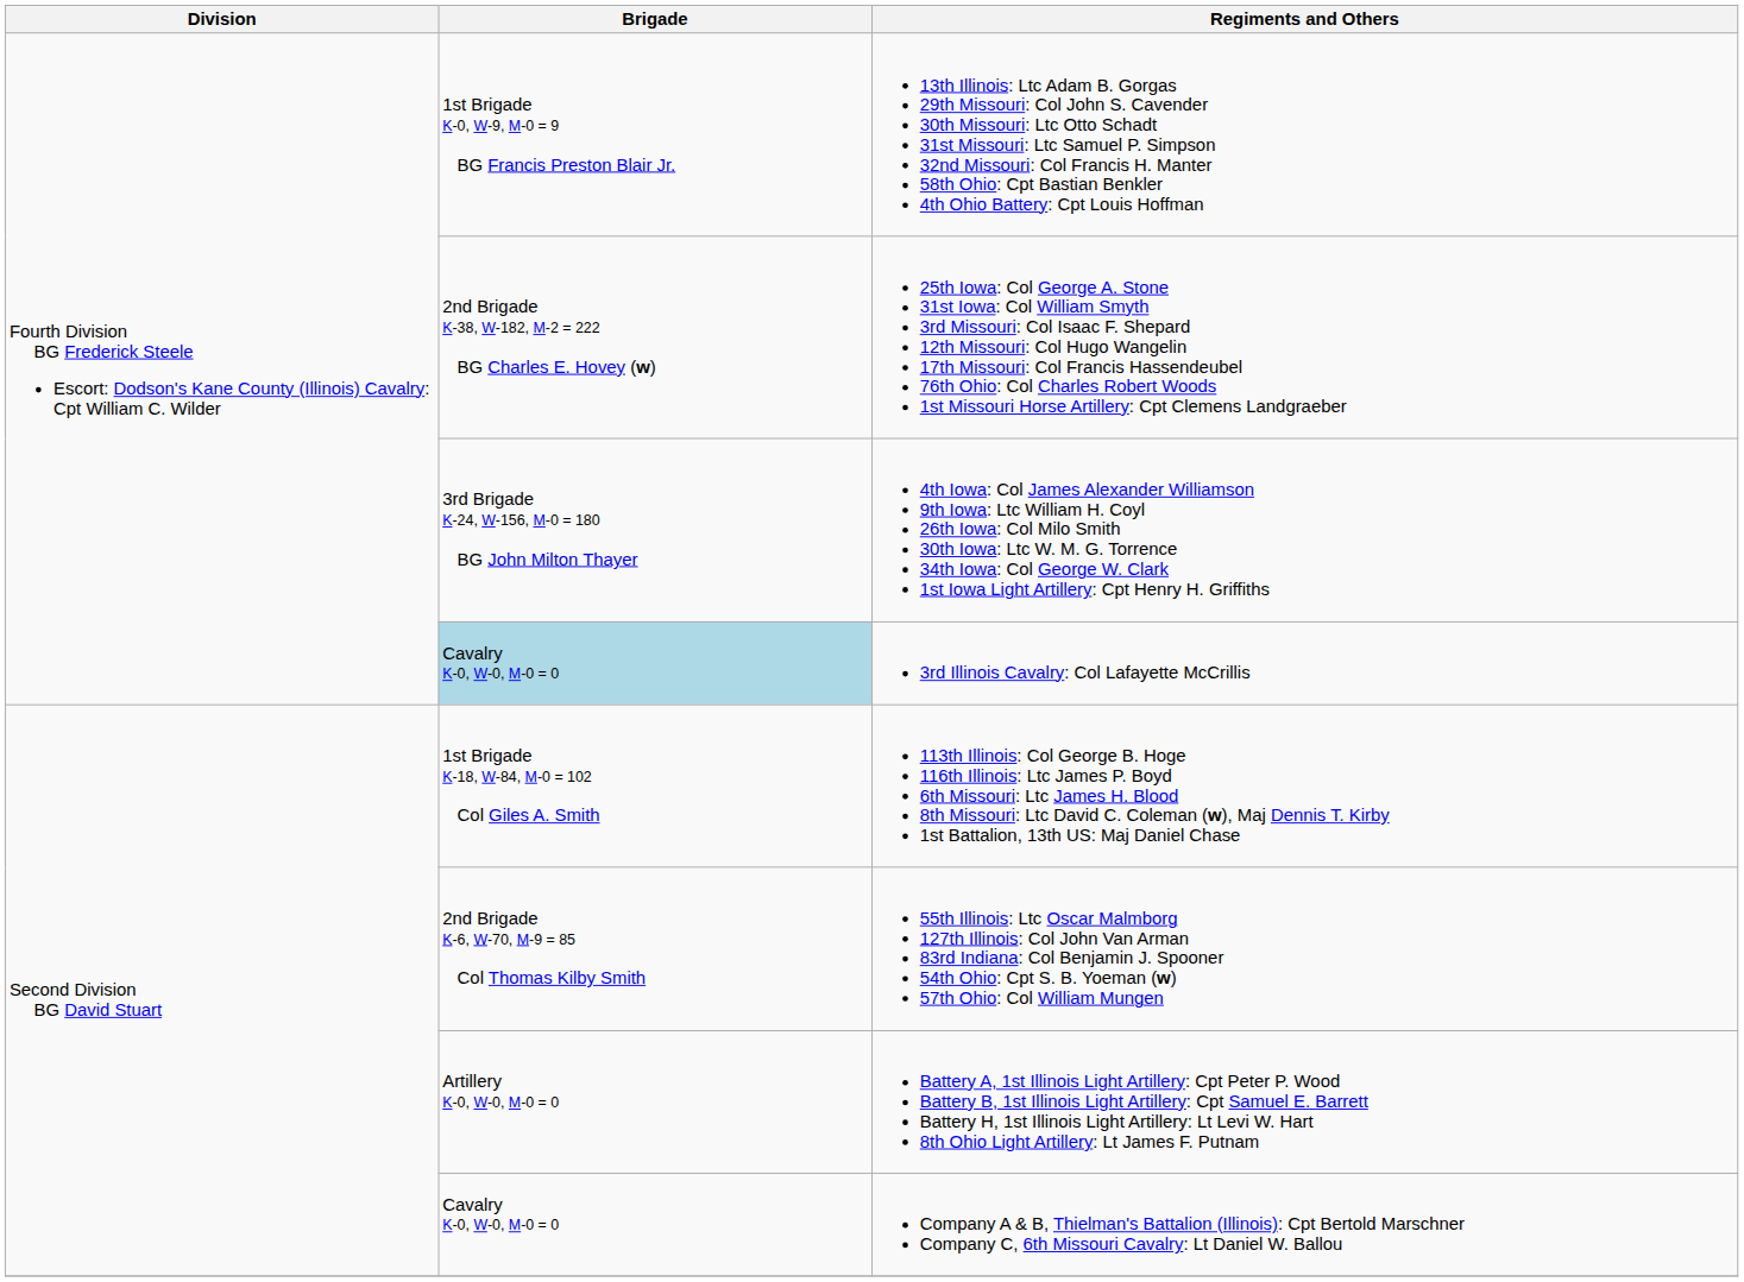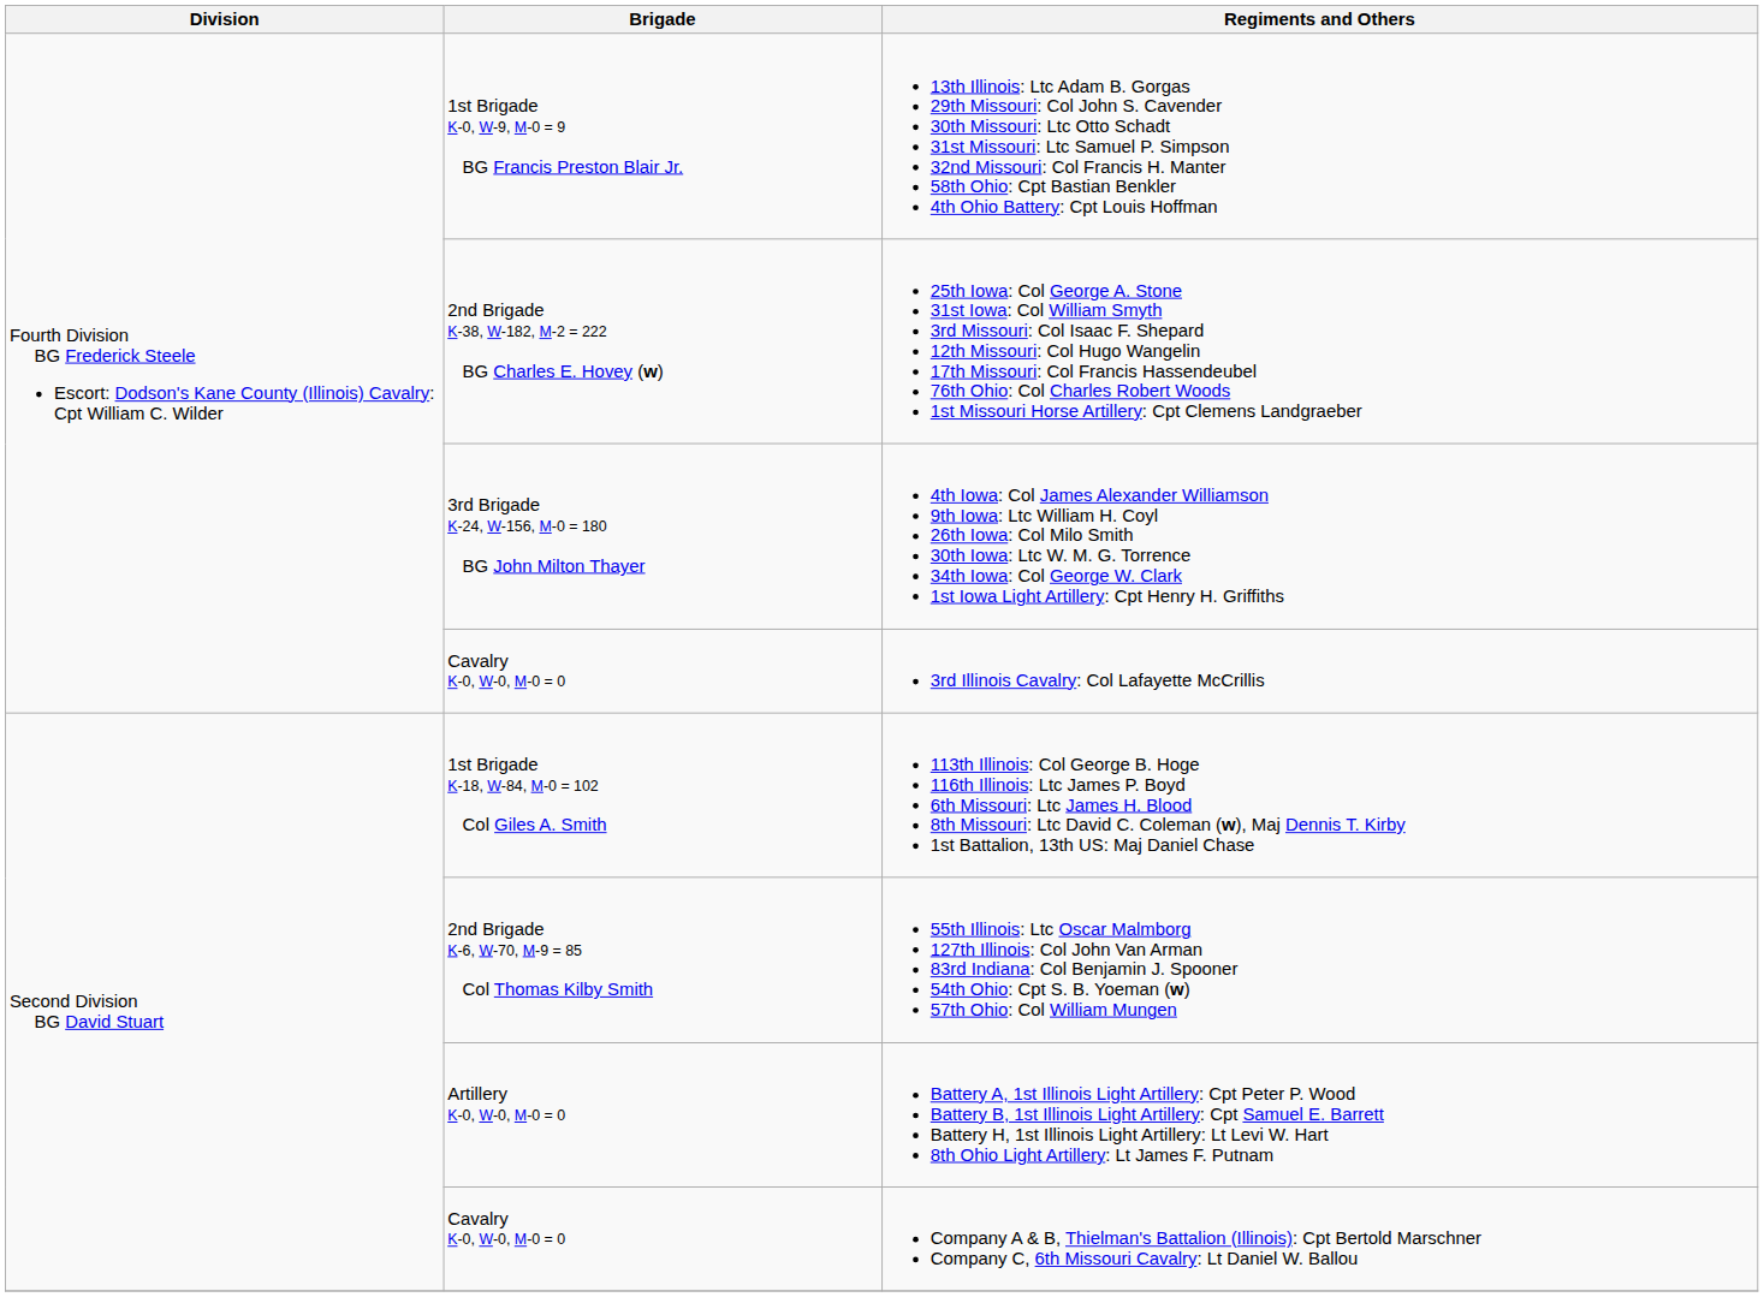 <table class="wikitable">
 <tr>
 <th width=25%>Division</th>
 <th width=25%>Brigade</th>
 <th>Regiments and Others</th>
 </tr>
 <tr>
 <td rowspan=4><br>Fourth Division <br>     BG <a href='#'>Frederick Steele</a><br><ul><li>Escort: <a href='#'>Dodson's Kane County (Illinois) Cavalry</a>: Cpt William C. Wilder</li></ul></td>
 <td>1st Brigade<br><small><a href='#'>K</a>-0, <a href='#'>W</a>-9, <a href='#'>M</a>-0 = 9</small><br><br>   BG <a href='#'>Francis Preston Blair Jr.</a></td>
 <td><br><ul><li><a href='#'>13th Illinois</a>: Ltc Adam B. Gorgas</li><li><a href='#'>29th Missouri</a>: Col John S. Cavender</li><li><a href='#'>30th Missouri</a>: Ltc Otto Schadt</li><li><a href='#'>31st Missouri</a>: Ltc Samuel P. Simpson</li><li><a href='#'>32nd Missouri</a>: Col Francis H. Manter</li><li><a href='#'>58th Ohio</a>: Cpt Bastian Benkler</li><li><a href='#'>4th Ohio Battery</a>: Cpt Louis Hoffman</li></ul></td>
 </tr>
 <tr>
 <td>2nd Brigade<br><small><a href='#'>K</a>-38, <a href='#'>W</a>-182, <a href='#'>M</a>-2 = 222</small><br><br>   BG <a href='#'>Charles E. Hovey</a> (<strong>w</strong>)</td>
 <td><br><ul><li><a href='#'>25th Iowa</a>: Col <a href='#'>George A. Stone</a></li><li><a href='#'>31st Iowa</a>: Col <a href='#'>William Smyth</a></li><li><a href='#'>3rd Missouri</a>: Col Isaac F. Shepard</li><li><a href='#'>12th Missouri</a>: Col Hugo Wangelin</li><li><a href='#'>17th Missouri</a>: Col Francis Hassendeubel</li><li><a href='#'>76th Ohio</a>: Col <a href='#'>Charles Robert Woods</a></li><li><a href='#'>1st Missouri Horse Artillery</a>: Cpt Clemens Landgraeber</li></ul></td>
 </tr>
 <tr>
 <td>3rd Brigade<br><small><a href='#'>K</a>-24, <a href='#'>W</a>-156, <a href='#'>M</a>-0 = 180</small><br><br>   BG <a href='#'>John Milton Thayer</a></td>
 <td><br><ul><li><a href='#'>4th Iowa</a>: Col <a href='#'>James Alexander Williamson</a></li><li><a href='#'>9th Iowa</a>: Ltc William H. Coyl</li><li><a href='#'>26th Iowa</a>: Col Milo Smith</li><li><a href='#'>30th Iowa</a>: Ltc W. M. G. Torrence</li><li><a href='#'>34th Iowa</a>: Col <a href='#'>George W. Clark</a></li><li><a href='#'>1st Iowa Light Artillery</a>: Cpt Henry H. Griffiths</li></ul></td>
 </tr>
 <tr>
-<td style="background: lightblue;">Cavalry<br><small><a href='#'>K</a>-0, <a href='#'>W</a>-0, <a href='#'>M</a>-0 = 0</small></td>
+<td>Cavalry<br><small><a href='#'>K</a>-0, <a href='#'>W</a>-0, <a href='#'>M</a>-0 = 0</small></td>
 <td><br><ul><li><a href='#'>3rd Illinois Cavalry</a>: Col Lafayette McCrillis</li></ul></td>
 </tr>
 <tr>
 <td rowspan=4><br>Second Division <br>     BG <a href='#'>David Stuart</a></td>
 <td>1st Brigade<br><small><a href='#'>K</a>-18, <a href='#'>W</a>-84, <a href='#'>M</a>-0 = 102</small><br><br>   Col <a href='#'>Giles A. Smith</a></td>
 <td><br><ul><li><a href='#'>113th Illinois</a>: Col George B. Hoge</li><li><a href='#'>116th Illinois</a>: Ltc James P. Boyd</li><li><a href='#'>6th Missouri</a>: Ltc <a href='#'>James H. Blood</a></li><li><a href='#'>8th Missouri</a>: Ltc David C. Coleman (<strong>w</strong>), Maj <a href='#'>Dennis T. Kirby</a></li><li>1st Battalion, 13th US: Maj Daniel Chase</li></ul></td>
 </tr>
 <tr>
 <td>2nd Brigade<br><small><a href='#'>K</a>-6, <a href='#'>W</a>-70, <a href='#'>M</a>-9 = 85</small><br><br>   Col <a href='#'>Thomas Kilby Smith</a></td>
 <td><br><ul><li><a href='#'>55th Illinois</a>: Ltc <a href='#'>Oscar Malmborg</a></li><li><a href='#'>127th Illinois</a>: Col John Van Arman</li><li><a href='#'>83rd Indiana</a>: Col Benjamin J. Spooner</li><li><a href='#'>54th Ohio</a>: Cpt S. B. Yoeman (<strong>w</strong>)</li><li><a href='#'>57th Ohio</a>: Col <a href='#'>William Mungen</a></li></ul></td>
 </tr>
 <tr>
 <td>Artillery<br><small><a href='#'>K</a>-0, <a href='#'>W</a>-0, <a href='#'>M</a>-0 = 0</small><br><br></td>
 <td><br><ul><li><a href='#'>Battery A, 1st Illinois Light Artillery</a>: Cpt Peter P. Wood</li><li><a href='#'>Battery B, 1st Illinois Light Artillery</a>: Cpt <a href='#'>Samuel E. Barrett</a></li><li>Battery H, 1st Illinois Light Artillery: Lt Levi W. Hart</li><li><a href='#'>8th Ohio Light Artillery</a>: Lt James F. Putnam</li></ul></td>
 </tr>
 <tr>
 <td>Cavalry<br><small><a href='#'>K</a>-0, <a href='#'>W</a>-0, <a href='#'>M</a>-0 = 0</small><br><br></td>
 <td><br><ul><li>Company A & B, <a href='#'>Thielman's Battalion (Illinois)</a>: Cpt Bertold Marschner</li><li>Company C, <a href='#'>6th Missouri Cavalry</a>: Lt Daniel W. Ballou</li></ul></td>
 </tr>
 <tr>
 </tr>
 </table>
